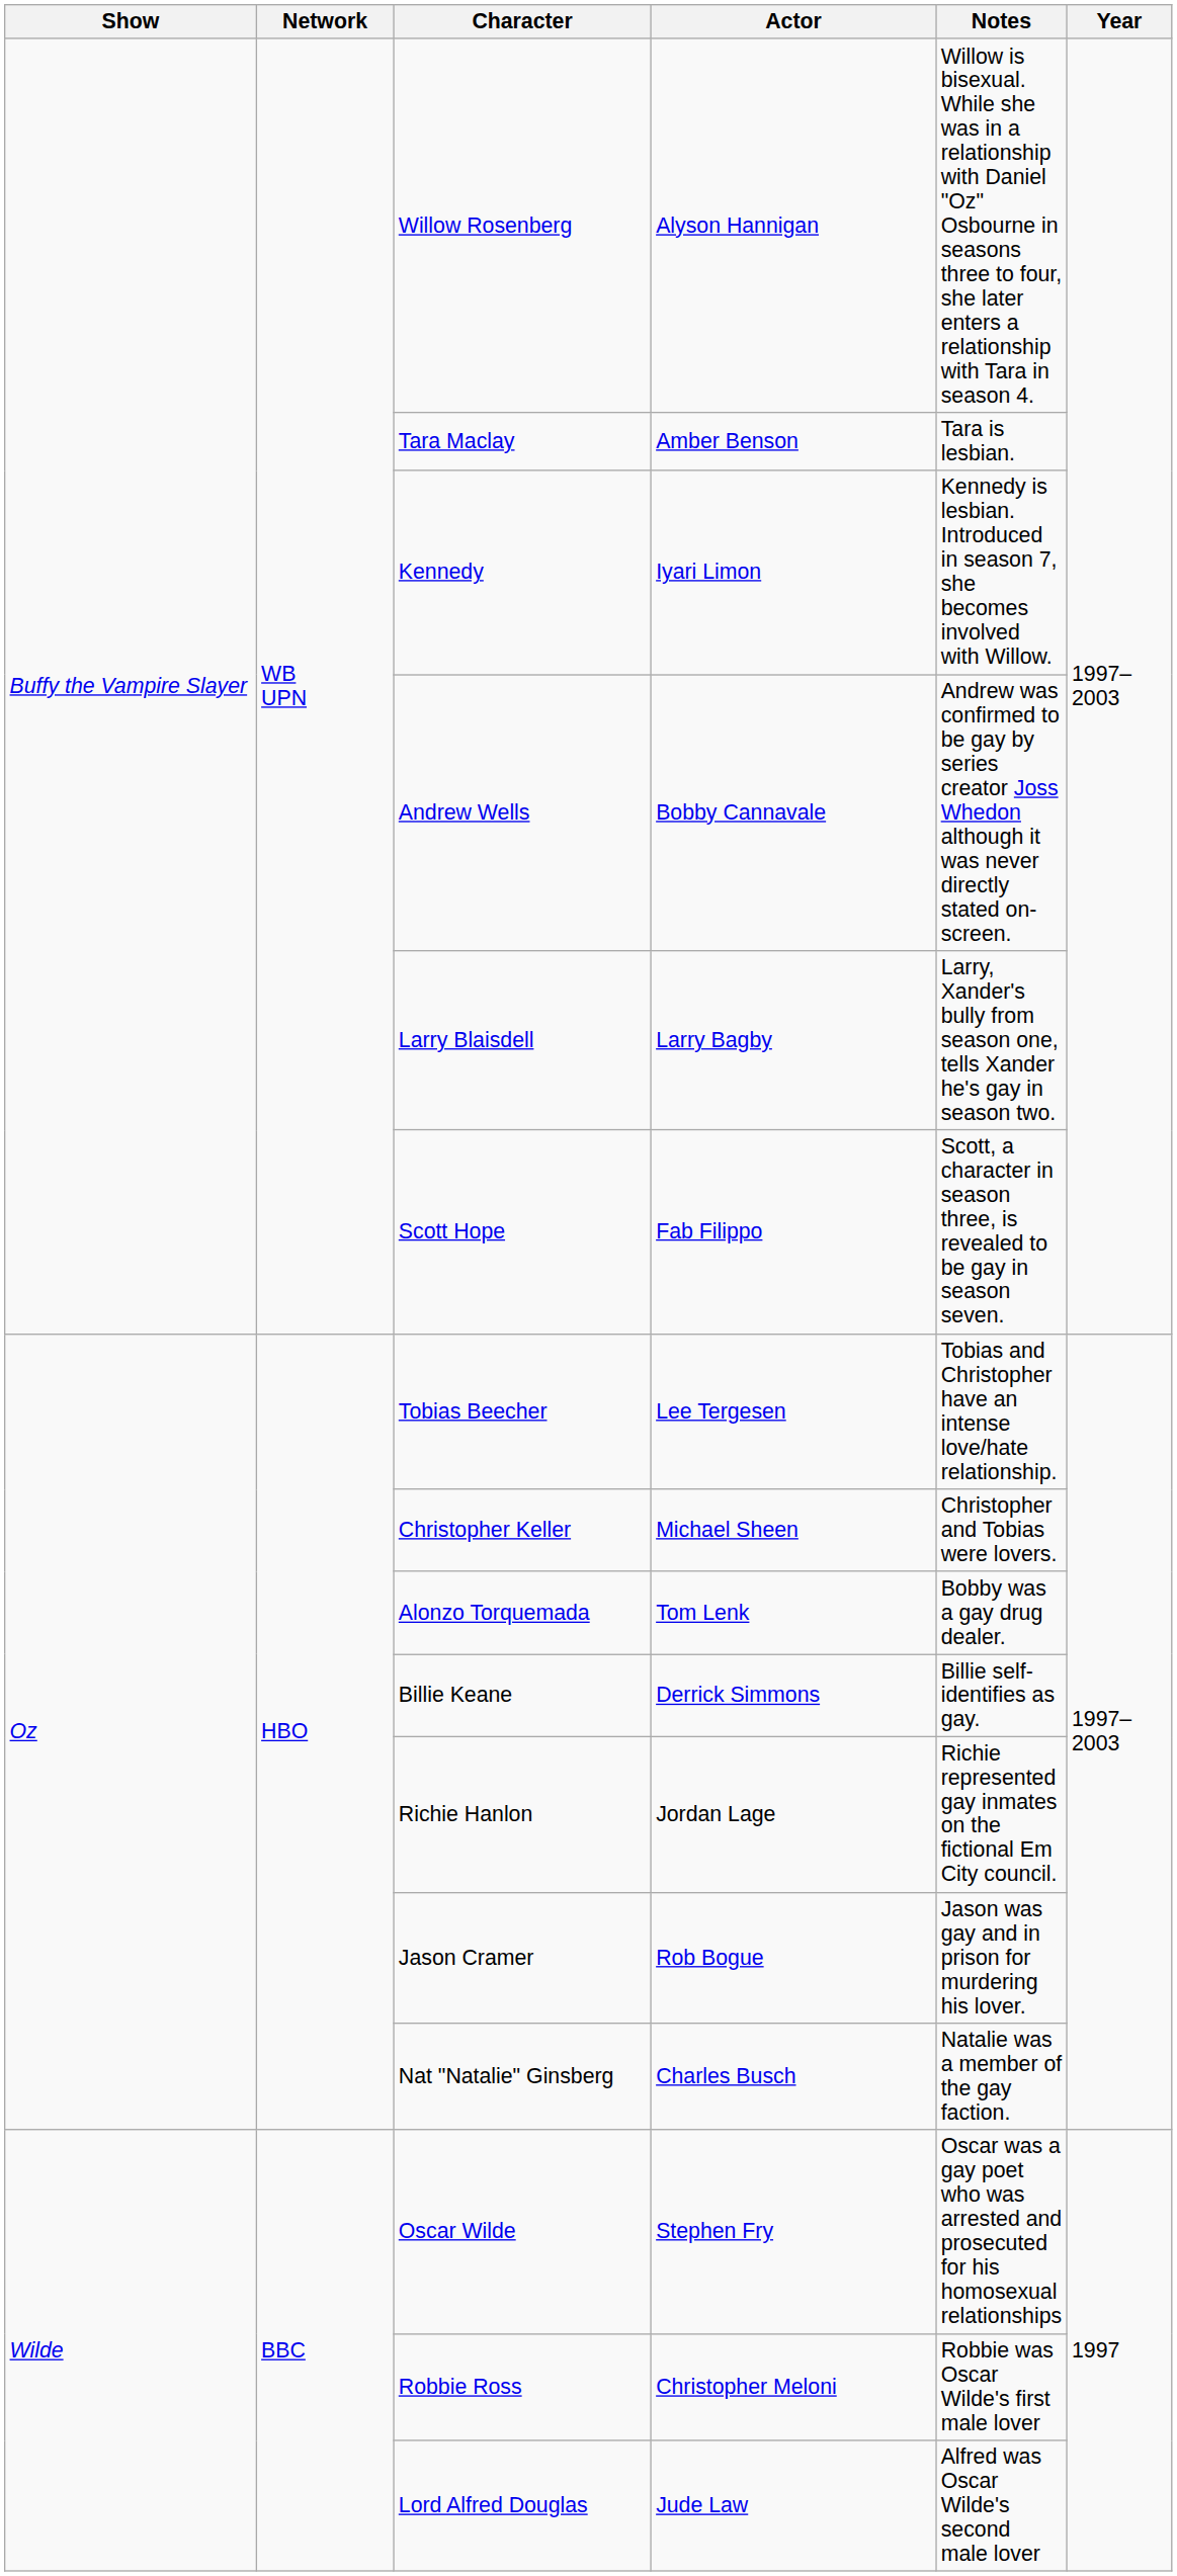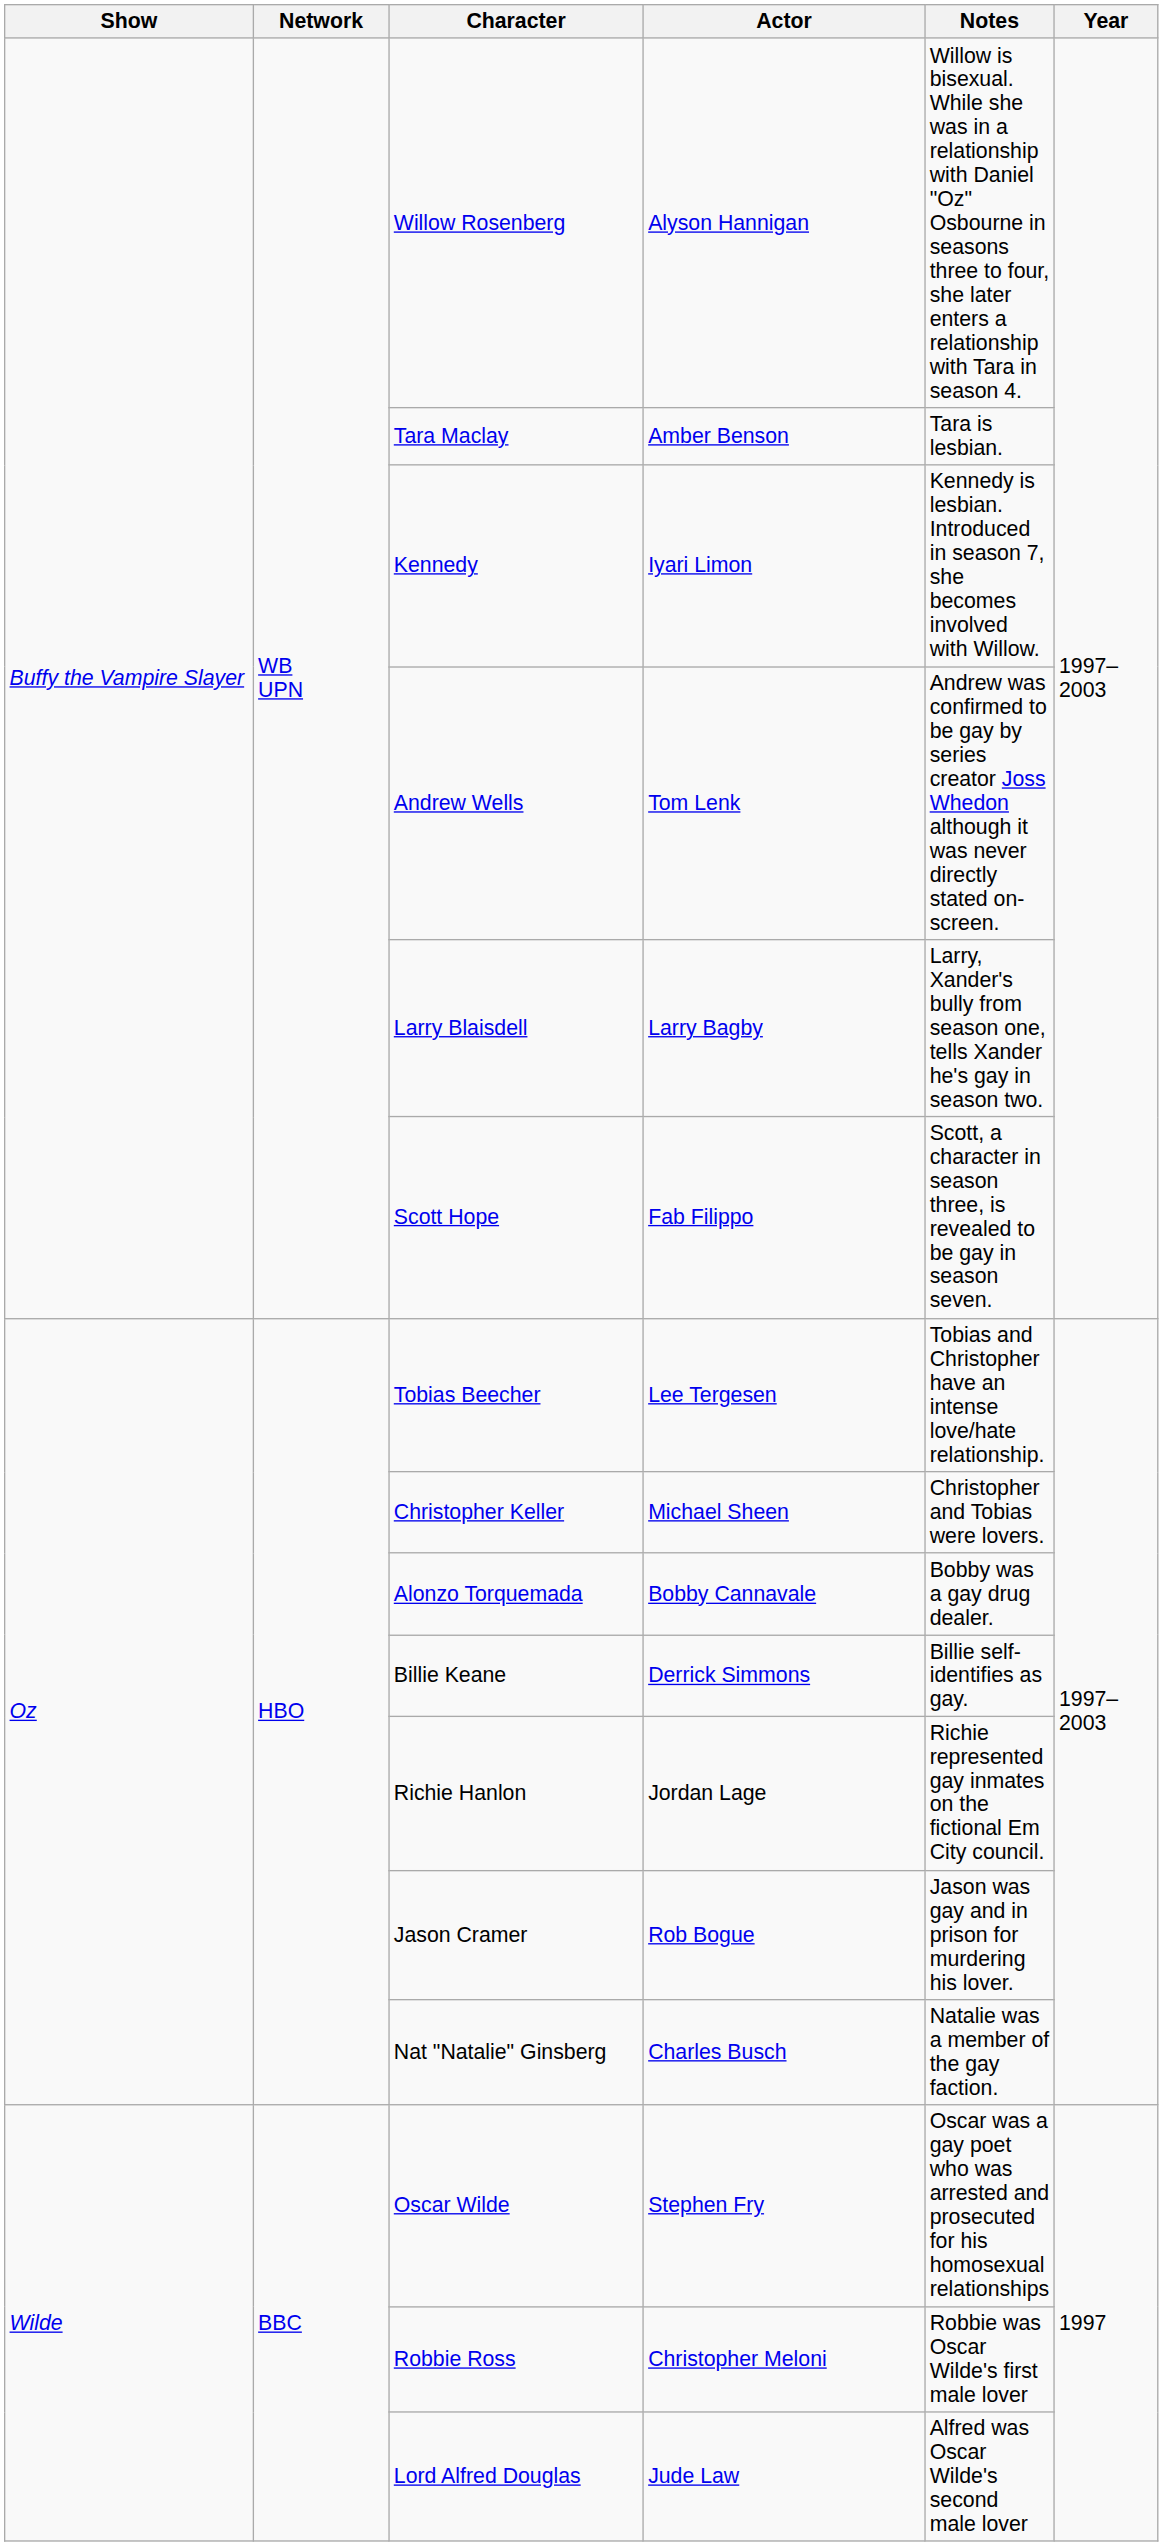 <table class="sortable wikitable" style="margins:auto; width=100%;">
 <tr>
 <th style="width:200px;">Show</th>
 <th style="width:100px;">Network</th>
 <th style="width:200px;">Character</th>
 <th style="width:225px;">Actor</th>
 <th>Notes</th>
 <th style="width:75px;">Year</th>
 </tr>
 <tr>
 <td rowspan="6"><em><a href='#'>Buffy the Vampire Slayer</a></em></td>
 <td rowspan="6"><a href='#'>WB</a> <br> <a href='#'>UPN</a></td>
 <td><a href='#'>Willow Rosenberg</a></td>
 <td><a href='#'>Alyson Hannigan</a></td>
 <td>Willow is bisexual. While she was in a relationship with Daniel "Oz" Osbourne in seasons three to four, she later enters a relationship with Tara in season 4.</td>
 <td rowspan="6">1997–2003</td>
 </tr>
 <tr>
 <td><a href='#'>Tara Maclay</a></td>
 <td><a href='#'>Amber Benson</a></td>
 <td>Tara is lesbian.</td>
 </tr>
 <tr>
 <td><a href='#'>Kennedy</a></td>
 <td><a href='#'>Iyari Limon</a></td>
 <td>Kennedy is lesbian. Introduced in season 7, she becomes involved with Willow.</td>
 </tr>
 <tr>
 <td><a href='#'>Andrew Wells</a></td>
-<td><a href='#'>Bobby Cannavale</a></td>
+<td><a href='#'>Tom Lenk</a></td>
 <td>Andrew was confirmed to be gay by series creator <a href='#'>Joss Whedon</a> although it was never directly stated on-screen.</td>
 </tr>
 <tr>
 <td><a href='#'>Larry Blaisdell</a></td>
 <td><a href='#'>Larry Bagby</a></td>
 <td>Larry, Xander's bully from season one, tells Xander he's gay in season two.</td>
 </tr>
 <tr>
 <td><a href='#'>Scott Hope</a></td>
 <td><a href='#'>Fab Filippo</a></td>
 <td>Scott, a character in season three, is revealed to be gay in season seven.</td>
 </tr>
 <tr>
 <td rowspan="7"><em><a href='#'>Oz</a></em></td>
 <td rowspan="7"><a href='#'>HBO</a></td>
 <td><a href='#'>Tobias Beecher</a></td>
 <td><a href='#'>Lee Tergesen</a></td>
 <td>Tobias and Christopher have an intense love/hate relationship.</td>
 <td rowspan="7">1997–2003</td>
 </tr>
 <tr>
 <td><a href='#'>Christopher Keller</a></td>
 <td><a href='#'>Michael Sheen</a></td>
 <td>Christopher and Tobias were lovers.</td>
 </tr>
 <tr>
 <td><a href='#'>Alonzo Torquemada</a></td>
-<td><a href='#'>Tom Lenk</a></td>
+<td><a href='#'>Bobby Cannavale</a></td>
 <td>Bobby was a gay drug dealer.</td>
 </tr>
 <tr>
 <td>Billie Keane</td>
 <td><a href='#'>Derrick Simmons</a></td>
 <td>Billie self-identifies as gay.</td>
 </tr>
 <tr>
 <td>Richie Hanlon</td>
 <td>Jordan Lage</td>
 <td>Richie represented gay inmates on the fictional Em City council.</td>
 </tr>
 <tr>
 <td>Jason Cramer</td>
 <td><a href='#'>Rob Bogue</a></td>
 <td>Jason was gay and in prison for murdering his lover.</td>
 </tr>
 <tr>
 <td>Nat "Natalie" Ginsberg</td>
 <td><a href='#'>Charles Busch</a></td>
 <td>Natalie was a member of the gay faction.</td>
 </tr>
 <tr>
 <td rowspan="3"><em><a href='#'>Wilde</a></em></td>
 <td rowspan="3"><a href='#'>BBC</a></td>
 <td><a href='#'>Oscar Wilde</a></td>
 <td><a href='#'>Stephen Fry</a></td>
 <td>Oscar was a gay poet who was arrested and prosecuted for his homosexual relationships</td>
 <td rowspan="3">1997</td>
 </tr>
 <tr>
 <td><a href='#'>Robbie Ross</a></td>
 <td><a href='#'>Christopher Meloni</a></td>
 <td>Robbie was Oscar Wilde's first male lover</td>
 </tr>
 <tr>
 <td><a href='#'>Lord Alfred Douglas</a></td>
 <td><a href='#'>Jude Law</a></td>
 <td>Alfred was Oscar Wilde's second male lover</td>
 </tr>
 </table>
